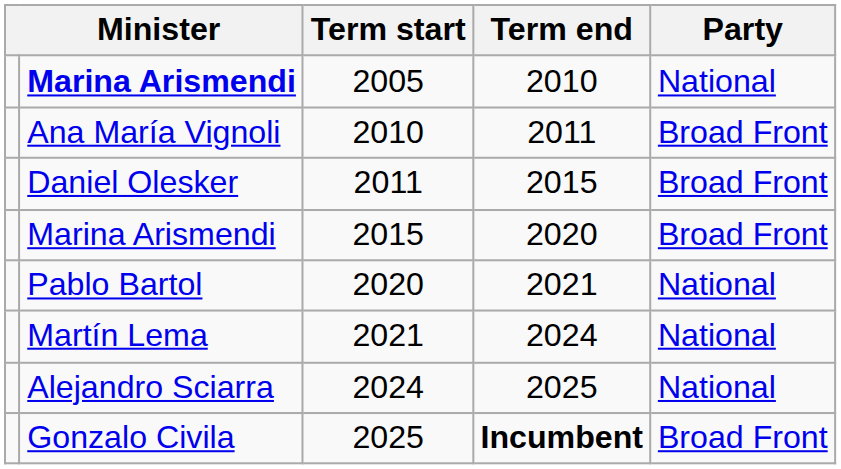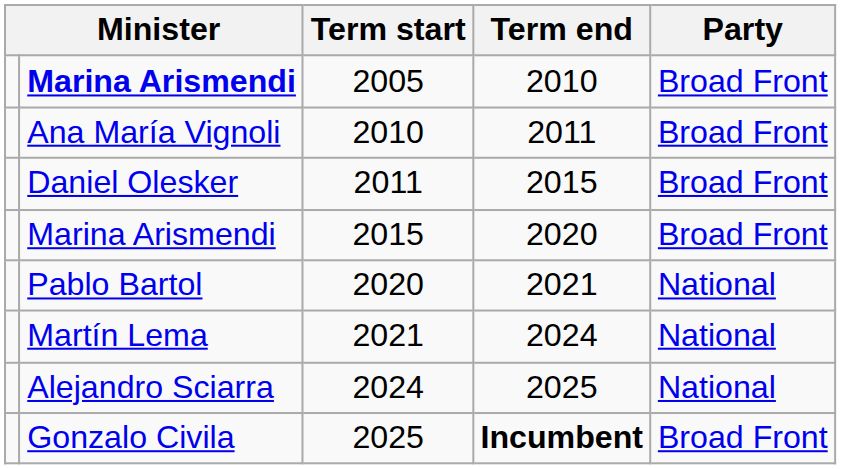 <table class="wikitable">
 <tr>
 <th colspan="2" class="unsortable"> Minister</th>
 <th>Term start</th>
 <th>Term end</th>
 <th>Party</th>
 </tr>
 <tr>
 <td></td>
 <td><strong><a href='#'>Marina Arismendi</a></strong></td>
 <td align="center">2005</td>
 <td align="center">2010</td>
-<td><a href='#'>National</a></td>
+<td><a href='#'>Broad Front</a> </td>
 </tr>
 <tr>
 <td></td>
 <td><a href='#'>Ana María Vignoli</a></td>
 <td align="center">2010</td>
 <td align="center">2011</td>
 <td><a href='#'>Broad Front</a> </td>
 </tr>
 <tr>
 <td></td>
 <td><a href='#'>Daniel Olesker</a></td>
 <td align="center">2011</td>
 <td align="center">2015</td>
 <td><a href='#'>Broad Front</a> </td>
 </tr>
 <tr>
 <td></td>
 <td><a href='#'>Marina Arismendi</a></td>
 <td align="center">2015</td>
 <td align="center">2020</td>
 <td><a href='#'>Broad Front</a> </td>
 </tr>
 <tr>
 <td></td>
 <td><a href='#'>Pablo Bartol</a></td>
 <td align="center">2020</td>
 <td align="center">2021</td>
 <td><a href='#'>National</a></td>
 </tr>
 <tr>
 <td></td>
 <td><a href='#'>Martín Lema</a></td>
 <td align="center">2021</td>
 <td align="center">2024</td>
 <td><a href='#'>National</a></td>
 </tr>
 <tr>
 <td></td>
 <td><a href='#'>Alejandro Sciarra</a></td>
 <td align="center">2024</td>
 <td align="center">2025</td>
 <td><a href='#'>National</a></td>
 </tr>
 <tr>
 <td></td>
 <td><a href='#'>Gonzalo Civila</a></td>
 <td align="center">2025</td>
 <td align="center"><strong>Incumbent</strong></td>
 <td><a href='#'>Broad Front</a> </td>
 </tr>
 </table>
